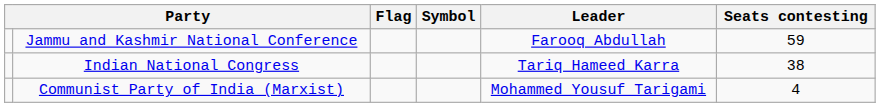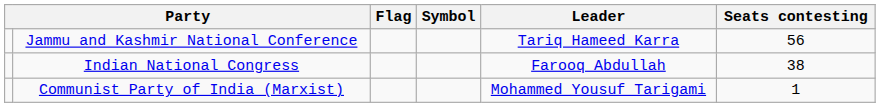 <table class="wikitable" width="60%" style="text-align:center;">
 <tr>
 <th colspan="2">Party</th>
 <th>Flag</th>
 <th>Symbol</th>
 <th>Leader</th>
 <th>Seats contesting</th>
 </tr>
 <tr>
 <td></td>
 <td><a href='#'>Jammu and Kashmir National Conference</a></td>
 <td></td>
 <td></td>
-<td><a href='#'>Farooq Abdullah</a></td>
-<td>59</td>
+<td><a href='#'>Tariq Hameed Karra</a></td>
+<td>56</td>
 </tr>
 <tr>
 <td></td>
 <td><a href='#'>Indian National Congress</a></td>
 <td></td>
 <td></td>
-<td><a href='#'>Tariq Hameed Karra</a></td>
+<td><a href='#'>Farooq Abdullah</a></td>
 <td>38</td>
 </tr>
 <tr>
 <td></td>
 <td><a href='#'>Communist Party of India (Marxist)</a></td>
 <td></td>
 <td></td>
 <td><a href='#'>Mohammed Yousuf Tarigami</a></td>
-<td>4</td>
+<td>1</td>
 </tr>
 </table>
